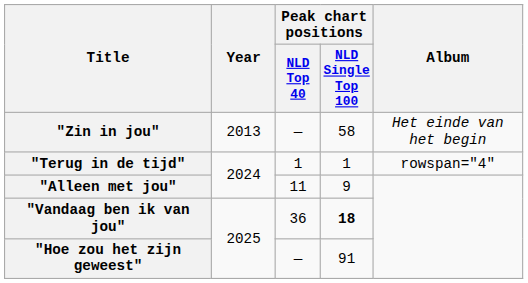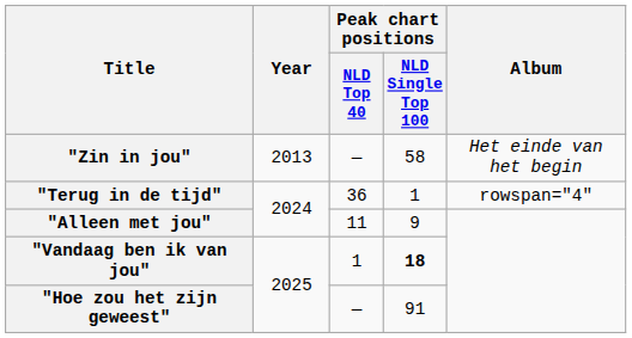 <table class="wikitable plainrowheaders" style="text-align:center;">
 <tr>
 <th scope="col" rowspan="2" style="width:14em;">Title</th>
 <th scope="col" rowspan="2" style="width:4em;">Year</th>
 <th scope="col" colspan="2">Peak chart positions</th>
 <th scope="col" rowspan="2" style="width:10em;">Album</th>
 </tr>
 <tr>
 <th scope="col" style="width:3em;font-size:90%;"><a href='#'>NLD<br>Top 40</a><br></th>
 <th scope="col" style="width:3em;font-size:90%;"><a href='#'>NLD<br>Single<br>Top 100</a><br></th>
 </tr>
 <tr>
 <th scope="row">"Zin in jou"</th>
 <td>2013</td>
 <td>—</td>
 <td>58</td>
 <td><em>Het einde van het begin</em></td>
 </tr>
 <tr>
 <th scope="row">"Terug in de tijd"</th>
 <td rowspan="2">2024</td>
-<td>1</td>
+<td>36</td>
 <td>1</td>
 <td>rowspan="4" </td>
 </tr>
 <tr>
 <th scope="row">"Alleen met jou"<br></th>
 <td>11</td>
 <td>9</td>
 </tr>
 <tr>
 <th scope="row">"Vandaag ben ik van jou"</th>
 <td rowspan="2">2025</td>
-<td>36</td>
+<td>1</td>
 <td><strong>18</strong></td>
 </tr>
 <tr>
 <th scope="row">"Hoe zou het zijn geweest"</th>
 <td>—</td>
 <td>91</td>
 </tr>
 </table>
